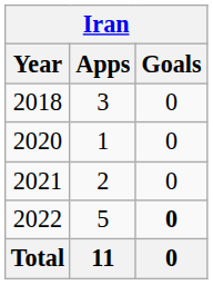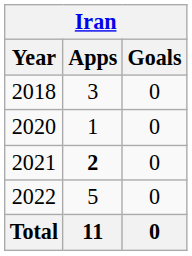 <table class="wikitable" style="text-align:center">
 <tr>
 <th colspan=3><a href='#'>Iran</a></th>
 </tr>
 <tr>
 <th>Year</th>
 <th>Apps</th>
 <th>Goals</th>
 </tr>
 <tr>
 <td>2018</td>
 <td>3</td>
 <td>0</td>
 </tr>
 <tr>
 <td>2020</td>
 <td>1</td>
 <td>0</td>
 </tr>
 <tr>
 <td>2021</td>
-<td>2</td>
+<td><strong>2</strong></td>
 <td>0</td>
 </tr>
 <tr>
 <td>2022</td>
 <td>5</td>
-<td><strong>0</strong></td>
+<td>0</td>
 </tr>
 <tr>
 <th>Total</th>
 <th>11</th>
 <th>0</th>
 </tr>
 </table>
